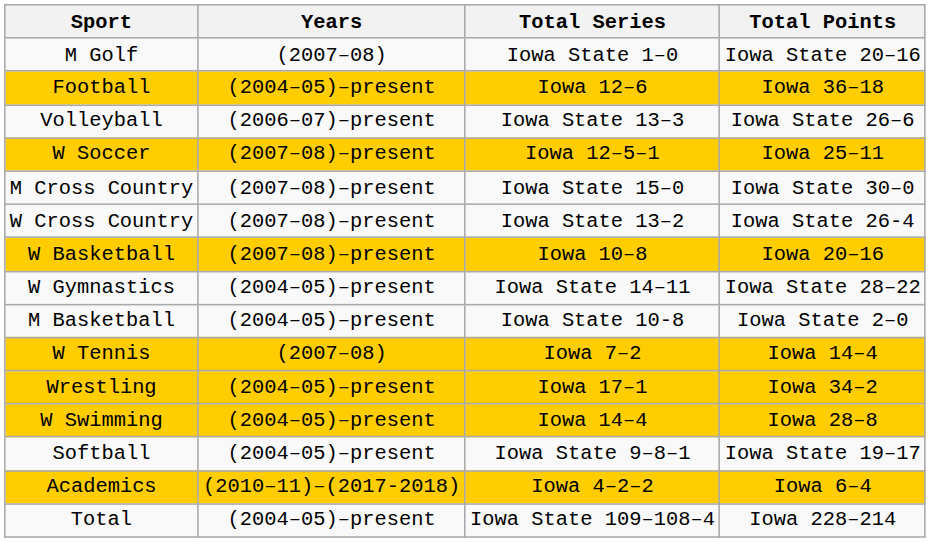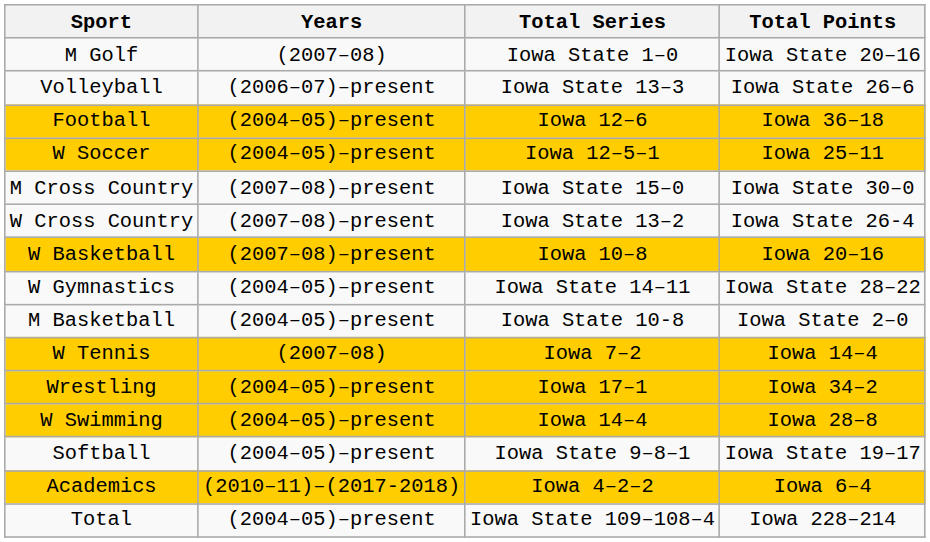 <table class="wikitable">
 <tr>
 <th>Sport</th>
 <th>Years</th>
 <th>Total Series</th>
 <th>Total Points</th>
 </tr>
 <tr align=center>
 <td>M Golf</td>
 <td>(2007–08)</td>
 <td>Iowa State 1–0</td>
 <td>Iowa State 20–16</td>
 </tr>
-<tr align=center style="background: #FFCD00;color:black;">
-<td>Football</td>
-<td>(2004–05)–present</td>
-<td>Iowa 12–6</td>
-<td>Iowa 36–18</td>
-</tr>
 <tr align=center>
 <td>Volleyball</td>
 <td>(2006–07)–present</td>
 <td>Iowa State 13–3</td>
 <td>Iowa State 26–6</td>
 </tr>
 <tr align=center style="background: #FFCD00;color:black;">
+<td>Football</td>
+<td>(2004–05)–present</td>
+<td>Iowa 12–6</td>
+<td>Iowa 36–18</td>
+</tr>
+<tr align=center style="background: #FFCD00;color:black;">
 <td>W Soccer</td>
-<td>(2007–08)–present</td>
+<td>(2004–05)–present</td>
 <td>Iowa 12–5–1</td>
 <td>Iowa 25–11</td>
 </tr>
 <tr align=center>
 <td>M Cross Country</td>
 <td>(2007–08)–present</td>
 <td>Iowa State 15–0</td>
 <td>Iowa State 30–0</td>
 </tr>
 <tr align=center>
 <td>W Cross Country</td>
 <td>(2007–08)–present</td>
 <td>Iowa State 13–2</td>
 <td>Iowa State 26-4</td>
 </tr>
 <tr align=center style="background: #FFCD00;color:black;">
 <td>W Basketball</td>
 <td>(2007–08)–present</td>
 <td>Iowa 10–8</td>
 <td>Iowa 20–16</td>
 </tr>
 <tr align=center>
 <td>W Gymnastics</td>
 <td>(2004–05)–present</td>
 <td>Iowa State 14–11</td>
 <td>Iowa State 28–22</td>
 </tr>
 <tr align=center>
 <td>M Basketball</td>
 <td>(2004–05)–present</td>
 <td>Iowa State 10-8</td>
 <td>Iowa State 2–0</td>
 </tr>
 <tr align=center style="background: #FFCD00;color:black;">
 <td>W Tennis</td>
 <td>(2007–08)</td>
 <td>Iowa 7–2</td>
 <td>Iowa 14–4</td>
 </tr>
 <tr align=center style="background: #FFCD00;color:black;">
 <td>Wrestling</td>
 <td>(2004–05)–present</td>
 <td>Iowa 17–1</td>
 <td>Iowa 34–2</td>
 </tr>
 <tr align=center style="background: #FFCD00;color:black;">
 <td>W Swimming</td>
 <td>(2004–05)–present</td>
 <td>Iowa 14–4</td>
 <td>Iowa 28–8</td>
 </tr>
 <tr align=center>
 <td>Softball</td>
 <td>(2004–05)–present</td>
 <td>Iowa State 9–8–1</td>
 <td>Iowa State 19–17</td>
 </tr>
 <tr align=center style="background: #FFCD00;color:black;">
 <td>Academics</td>
 <td>(2010–11)–(2017-2018)</td>
 <td>Iowa 4–2–2</td>
 <td>Iowa 6–4</td>
 </tr>
 <tr align=center style=>
 <td>Total</td>
 <td>(2004–05)–present</td>
 <td>Iowa State 109–108–4</td>
 <td>Iowa 228–214</td>
 </tr>
 </table>
